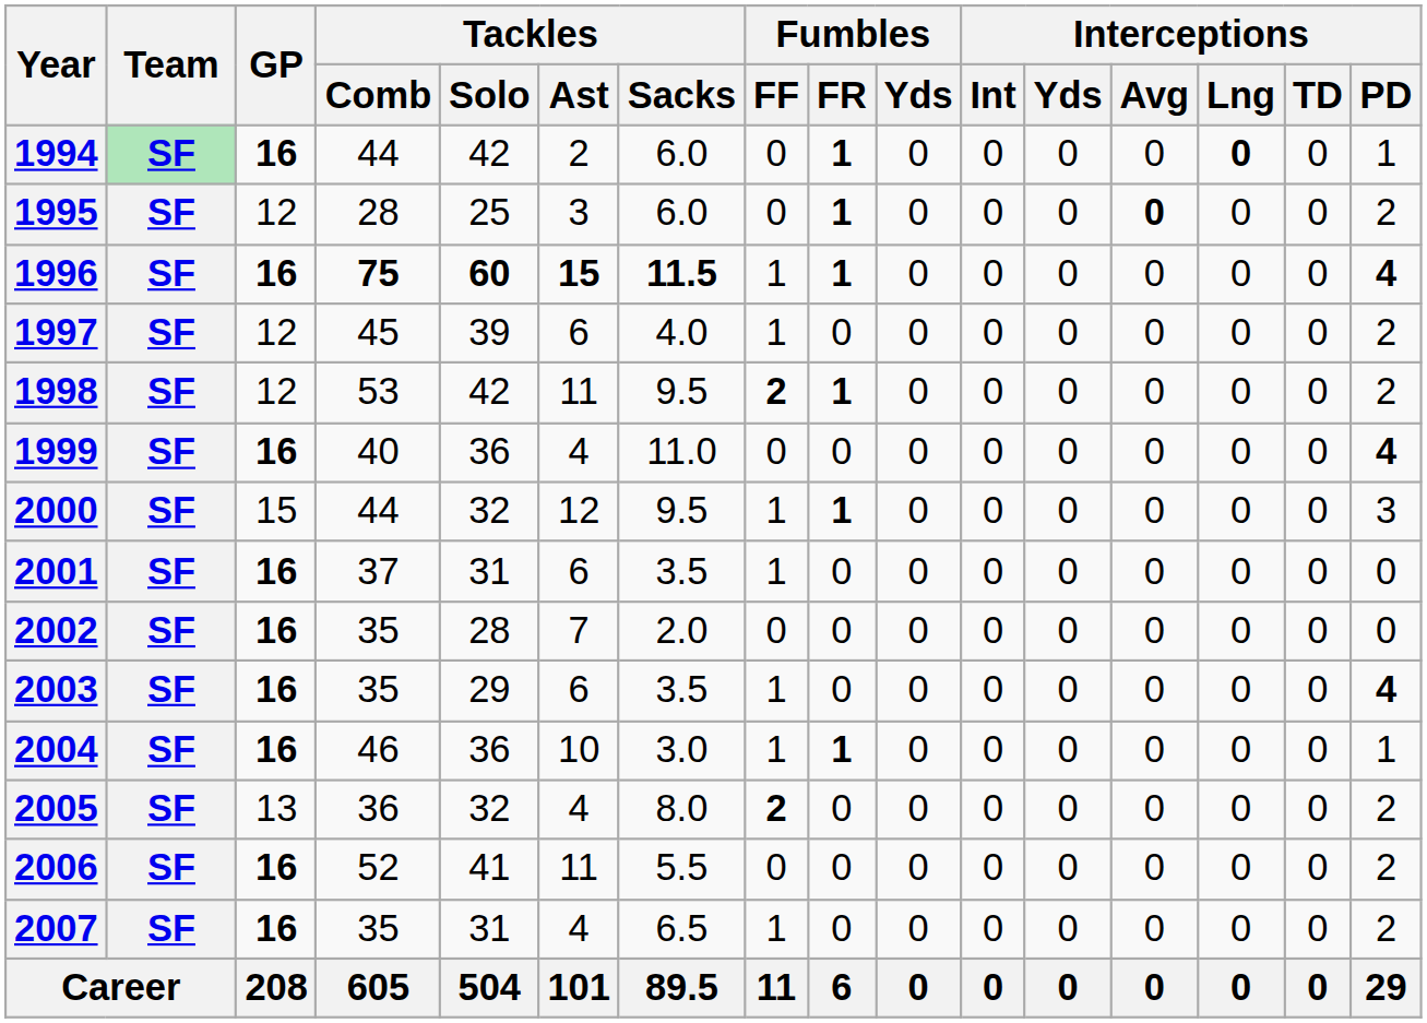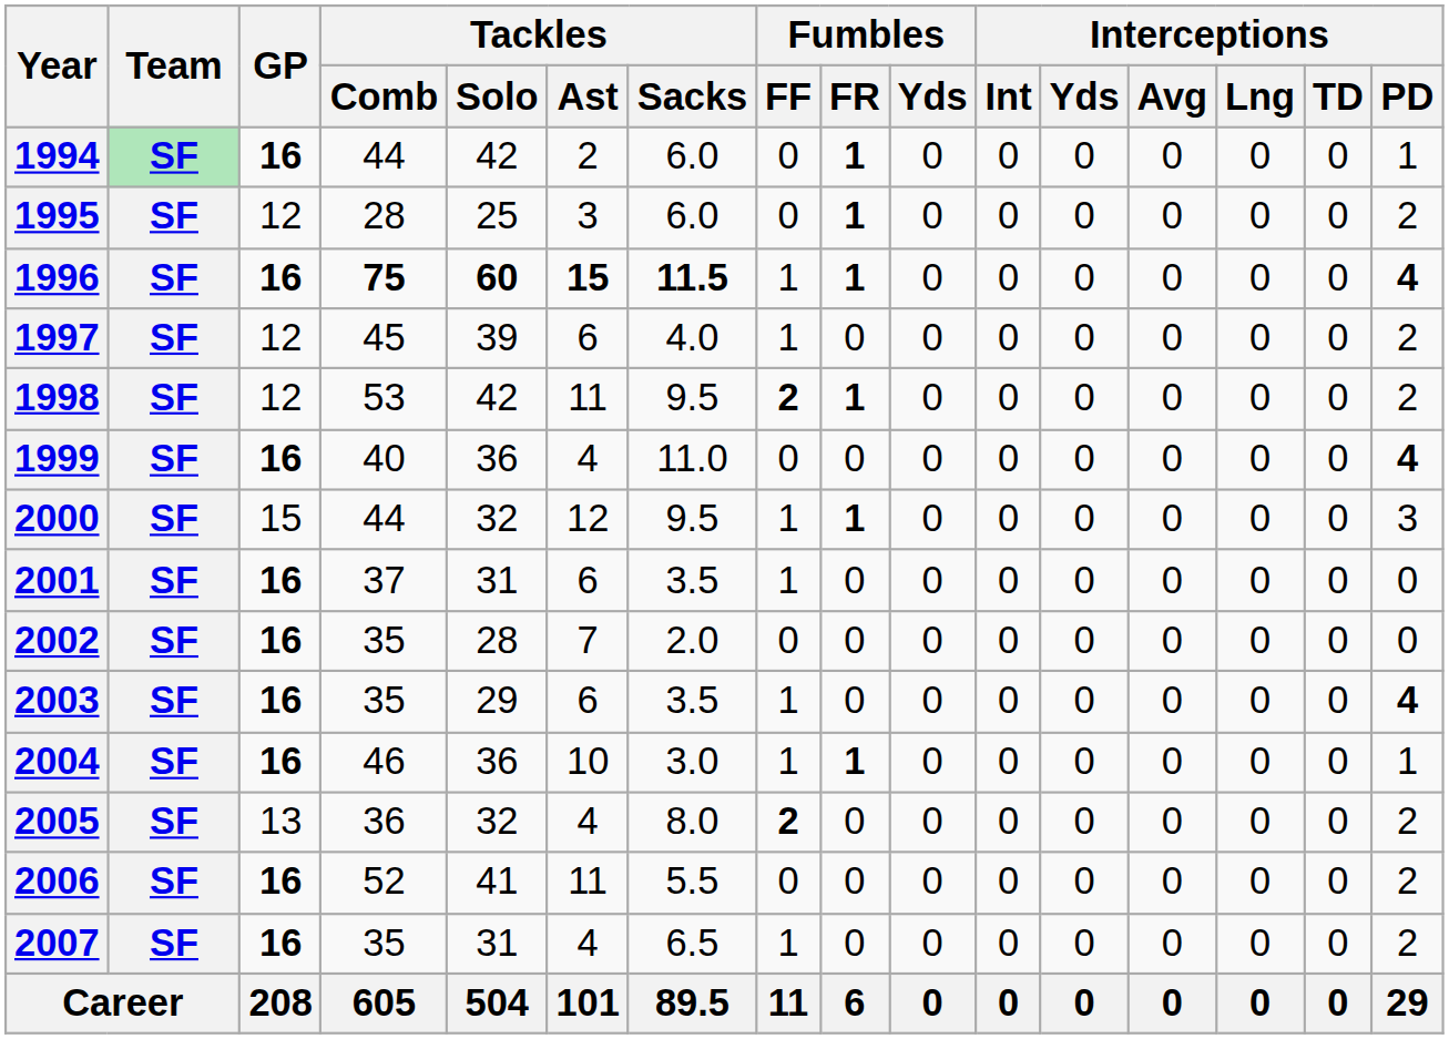 <table class="wikitable" style="text-align: center;">
 <tr>
 <th rowspan="2">Year</th>
 <th rowspan="2">Team</th>
 <th rowspan="2">GP</th>
 <th colspan="4">Tackles</th>
 <th colspan="3">Fumbles</th>
 <th colspan="6">Interceptions</th>
 </tr>
 <tr>
 <th>Comb</th>
 <th>Solo</th>
 <th>Ast</th>
 <th>Sacks</th>
 <th>FF</th>
 <th>FR</th>
 <th>Yds</th>
 <th>Int</th>
 <th>Yds</th>
 <th>Avg</th>
 <th>Lng</th>
 <th>TD</th>
 <th>PD</th>
 </tr>
 <tr>
 <th><a href='#'>1994</a></th>
 <th style="background:#afe6ba; width:3em;"><a href='#'>SF</a></th>
 <td><strong>16</strong></td>
 <td>44</td>
 <td>42</td>
 <td>2</td>
 <td>6.0</td>
 <td>0</td>
 <td><strong>1</strong></td>
 <td>0</td>
 <td>0</td>
 <td>0</td>
 <td>0</td>
-<td><strong>0</strong></td>
+<td>0</td>
 <td>0</td>
 <td>1</td>
 </tr>
 <tr>
 <th><a href='#'>1995</a></th>
 <th><a href='#'>SF</a></th>
 <td>12</td>
 <td>28</td>
 <td>25</td>
 <td>3</td>
 <td>6.0</td>
 <td>0</td>
 <td><strong>1</strong></td>
 <td>0</td>
 <td>0</td>
 <td>0</td>
-<td><strong>0</strong></td>
+<td>0</td>
 <td>0</td>
 <td>0</td>
 <td>2</td>
 </tr>
 <tr>
 <th><a href='#'>1996</a></th>
 <th><a href='#'>SF</a></th>
 <td><strong>16</strong></td>
 <td><strong>75</strong></td>
 <td><strong>60</strong></td>
 <td><strong>15</strong></td>
 <td><strong>11.5</strong></td>
 <td>1</td>
 <td><strong>1</strong></td>
 <td>0</td>
 <td>0</td>
 <td>0</td>
 <td>0</td>
 <td>0</td>
 <td>0</td>
 <td><strong>4</strong></td>
 </tr>
 <tr>
 <th><a href='#'>1997</a></th>
 <th><a href='#'>SF</a></th>
 <td>12</td>
 <td>45</td>
 <td>39</td>
 <td>6</td>
 <td>4.0</td>
 <td>1</td>
 <td>0</td>
 <td>0</td>
 <td>0</td>
 <td>0</td>
 <td>0</td>
 <td>0</td>
 <td>0</td>
 <td>2</td>
 </tr>
 <tr>
 <th><a href='#'>1998</a></th>
 <th><a href='#'>SF</a></th>
 <td>12</td>
 <td>53</td>
 <td>42</td>
 <td>11</td>
 <td>9.5</td>
 <td><strong>2</strong></td>
 <td><strong>1</strong></td>
 <td>0</td>
 <td>0</td>
 <td>0</td>
 <td>0</td>
 <td>0</td>
 <td>0</td>
 <td>2</td>
 </tr>
 <tr>
 <th><a href='#'>1999</a></th>
 <th><a href='#'>SF</a></th>
 <td><strong>16</strong></td>
 <td>40</td>
 <td>36</td>
 <td>4</td>
 <td>11.0</td>
 <td>0</td>
 <td>0</td>
 <td>0</td>
 <td>0</td>
 <td>0</td>
 <td>0</td>
 <td>0</td>
 <td>0</td>
 <td><strong>4</strong></td>
 </tr>
 <tr>
 <th><a href='#'>2000</a></th>
 <th><a href='#'>SF</a></th>
 <td>15</td>
 <td>44</td>
 <td>32</td>
 <td>12</td>
 <td>9.5</td>
 <td>1</td>
 <td><strong>1</strong></td>
 <td>0</td>
 <td>0</td>
 <td>0</td>
 <td>0</td>
 <td>0</td>
 <td>0</td>
 <td>3</td>
 </tr>
 <tr>
 <th><a href='#'>2001</a></th>
 <th><a href='#'>SF</a></th>
 <td><strong>16</strong></td>
 <td>37</td>
 <td>31</td>
 <td>6</td>
 <td>3.5</td>
 <td>1</td>
 <td>0</td>
 <td>0</td>
 <td>0</td>
 <td>0</td>
 <td>0</td>
 <td>0</td>
 <td>0</td>
 <td>0</td>
 </tr>
 <tr>
 <th><a href='#'>2002</a></th>
 <th><a href='#'>SF</a></th>
 <td><strong>16</strong></td>
 <td>35</td>
 <td>28</td>
 <td>7</td>
 <td>2.0</td>
 <td>0</td>
 <td>0</td>
 <td>0</td>
 <td>0</td>
 <td>0</td>
 <td>0</td>
 <td>0</td>
 <td>0</td>
 <td>0</td>
 </tr>
 <tr>
 <th><a href='#'>2003</a></th>
 <th><a href='#'>SF</a></th>
 <td><strong>16</strong></td>
 <td>35</td>
 <td>29</td>
 <td>6</td>
 <td>3.5</td>
 <td>1</td>
 <td>0</td>
 <td>0</td>
 <td>0</td>
 <td>0</td>
 <td>0</td>
 <td>0</td>
 <td>0</td>
 <td><strong>4</strong></td>
 </tr>
 <tr>
 <th><a href='#'>2004</a></th>
 <th><a href='#'>SF</a></th>
 <td><strong>16</strong></td>
 <td>46</td>
 <td>36</td>
 <td>10</td>
 <td>3.0</td>
 <td>1</td>
 <td><strong>1</strong></td>
 <td>0</td>
 <td>0</td>
 <td>0</td>
 <td>0</td>
 <td>0</td>
 <td>0</td>
 <td>1</td>
 </tr>
 <tr>
 <th><a href='#'>2005</a></th>
 <th><a href='#'>SF</a></th>
 <td>13</td>
 <td>36</td>
 <td>32</td>
 <td>4</td>
 <td>8.0</td>
 <td><strong>2</strong></td>
 <td>0</td>
 <td>0</td>
 <td>0</td>
 <td>0</td>
 <td>0</td>
 <td>0</td>
 <td>0</td>
 <td>2</td>
 </tr>
 <tr>
 <th><a href='#'>2006</a></th>
 <th><a href='#'>SF</a></th>
 <td><strong>16</strong></td>
 <td>52</td>
 <td>41</td>
 <td>11</td>
 <td>5.5</td>
 <td>0</td>
 <td>0</td>
 <td>0</td>
 <td>0</td>
 <td>0</td>
 <td>0</td>
 <td>0</td>
 <td>0</td>
 <td>2</td>
 </tr>
 <tr>
 <th><a href='#'>2007</a></th>
 <th><a href='#'>SF</a></th>
 <td><strong>16</strong></td>
 <td>35</td>
 <td>31</td>
 <td>4</td>
 <td>6.5</td>
 <td>1</td>
 <td>0</td>
 <td>0</td>
 <td>0</td>
 <td>0</td>
 <td>0</td>
 <td>0</td>
 <td>0</td>
 <td>2</td>
 </tr>
 <tr>
 <th colspan="2">Career</th>
 <th>208</th>
 <th>605</th>
 <th>504</th>
 <th>101</th>
 <th>89.5</th>
 <th>11</th>
 <th>6</th>
 <th>0</th>
 <th>0</th>
 <th>0</th>
 <th>0</th>
 <th>0</th>
 <th>0</th>
 <th>29</th>
 </tr>
 </table>
